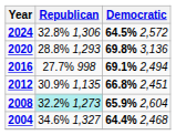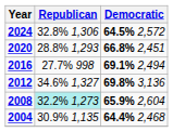 <table class="wikitable" style="float:right; margin: 1em 1em 1em 0; font-size: 95%;">
 <tr>
 <th>Year</th>
 <th><a href='#'>Republican</a></th>
 <th><a href='#'>Democratic</a></th>
 </tr>
 <tr>
 <td style="text-align:center; "><strong><a href='#'>2024</a></strong></td>
 <td style="text-align:center; ">32.8% <em>1,306</em></td>
 <td style="text-align:center; "><strong>64.5%</strong> <em>2,572</em></td>
 </tr>
 <tr>
 <td style="text-align:center; "><strong><a href='#'>2020</a></strong></td>
 <td style="text-align:center; ">28.8% <em>1,293</em></td>
-<td style="text-align:center; "><strong>69.8%</strong>  <em>3,136</em></td>
+<td style="text-align:center; "><strong>66.8%</strong>  <em>2,451</em></td>
 </tr>
 <tr>
 <td style="text-align:center; "><strong><a href='#'>2016</a></strong></td>
 <td style="text-align:center; ">27.7% <em>998</em></td>
 <td style="text-align:center; "><strong>69.1%</strong>  <em>2,494</em></td>
 </tr>
 <tr>
 <td style="text-align:center; "><strong><a href='#'>2012</a></strong></td>
-<td style="text-align:center; ">30.9% <em>1,135</em></td>
-<td style="text-align:center; "><strong>66.8%</strong>  <em>2,451</em></td>
+<td style="text-align:center; ">34.6% <em>1,327</em></td>
+<td style="text-align:center; "><strong>69.8%</strong>  <em>3,136</em></td>
 </tr>
 <tr>
 <td style="text-align:center; "><strong><a href='#'>2008</a></strong></td>
 <td style="background: paleturquoise; text-align:center; ">32.2% <em>1,273</em></td>
 <td style="text-align:center; "><strong>65.9%</strong>  <em>2,604</em></td>
 </tr>
 <tr>
 <td style="text-align:center; "><strong><a href='#'>2004</a></strong></td>
-<td style="text-align:center; ">34.6% <em>1,327</em></td>
+<td style="text-align:center; ">30.9% <em>1,135</em></td>
 <td style="text-align:center; "><strong>64.4%</strong> <em>2,468</em></td>
 </tr>
 <tr>
 </tr>
 </table>
